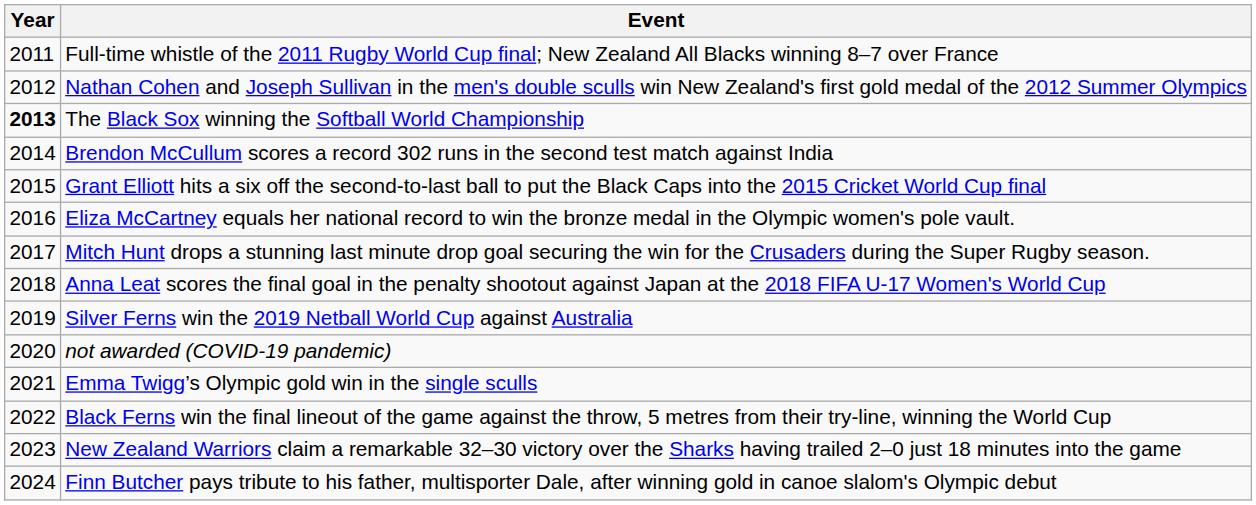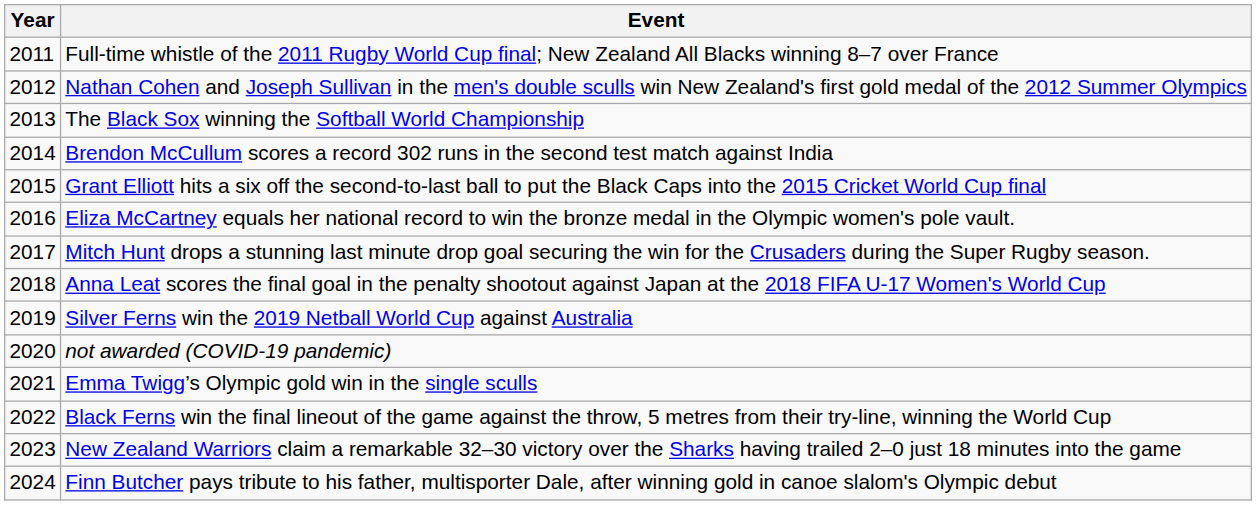 <table class="wikitable">
 <tr>
 <th>Year</th>
 <th>Event</th>
 </tr>
 <tr>
 <td>2011</td>
 <td>Full-time whistle of the <a href='#'>2011 Rugby World Cup final</a>; New Zealand All Blacks winning 8–7 over France</td>
 </tr>
 <tr>
 <td>2012</td>
 <td><a href='#'>Nathan Cohen</a> and <a href='#'>Joseph Sullivan</a> in the <a href='#'>men's double sculls</a> win New Zealand's first gold medal of the <a href='#'>2012 Summer Olympics</a></td>
 </tr>
 <tr>
-<td><strong>2013</strong></td>
+<td>2013</td>
 <td>The <a href='#'>Black Sox</a> winning the <a href='#'>Softball World Championship</a></td>
 </tr>
 <tr>
 <td>2014</td>
 <td><a href='#'>Brendon McCullum</a> scores a record 302 runs in the second test match against India</td>
 </tr>
 <tr>
 <td>2015</td>
 <td><a href='#'>Grant Elliott</a> hits a six off the second-to-last ball to put the Black Caps into the <a href='#'>2015 Cricket World Cup final</a></td>
 </tr>
 <tr>
 <td>2016</td>
 <td><a href='#'>Eliza McCartney</a> equals her national record to win the bronze medal in the Olympic women's pole vault.</td>
 </tr>
 <tr>
 <td>2017</td>
 <td><a href='#'>Mitch Hunt</a> drops a stunning last minute drop goal securing the win for the <a href='#'>Crusaders</a> during the Super Rugby season.</td>
 </tr>
 <tr>
 <td>2018</td>
 <td><a href='#'>Anna Leat</a> scores the final goal in the penalty shootout against Japan at the <a href='#'>2018 FIFA U-17 Women's World Cup</a></td>
 </tr>
 <tr>
 <td>2019</td>
 <td><a href='#'>Silver Ferns</a> win the <a href='#'>2019 Netball World Cup</a> against <a href='#'>Australia</a></td>
 </tr>
 <tr>
 <td>2020</td>
 <td><em>not awarded (COVID-19 pandemic)</em></td>
 </tr>
 <tr>
 <td>2021</td>
 <td><a href='#'>Emma Twigg</a>’s Olympic gold win in the <a href='#'>single sculls</a></td>
 </tr>
 <tr>
 <td>2022</td>
 <td><a href='#'>Black Ferns</a> win the final lineout of the game against the throw, 5 metres from their try-line, winning the World Cup</td>
 </tr>
 <tr>
 <td>2023</td>
 <td><a href='#'>New Zealand Warriors</a> claim a remarkable 32–30 victory over the <a href='#'>Sharks</a> having trailed 2–0 just 18 minutes into the game</td>
 </tr>
 <tr>
 <td>2024</td>
 <td><a href='#'>Finn Butcher</a> pays tribute to his father, multisporter Dale, after winning gold in canoe slalom's Olympic debut</td>
 </tr>
 </table>
